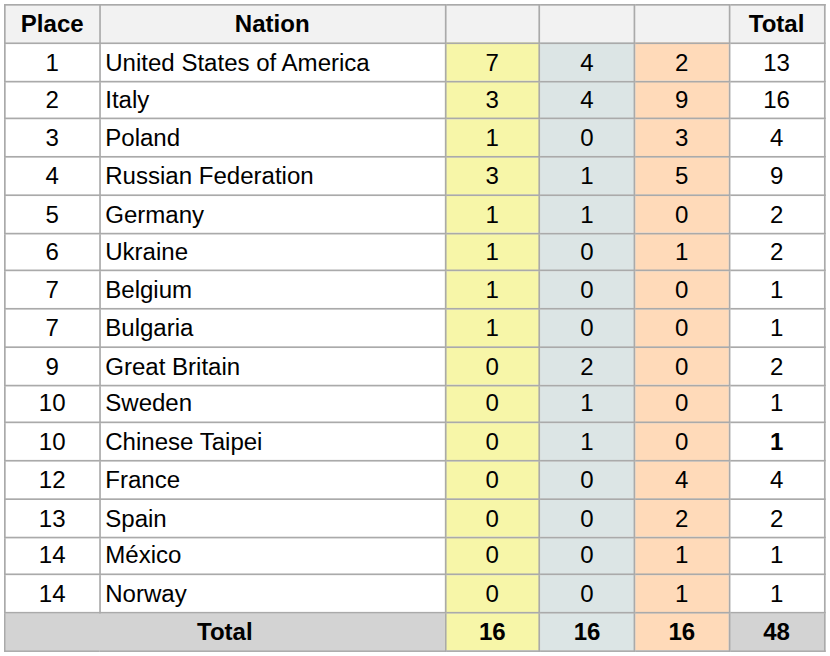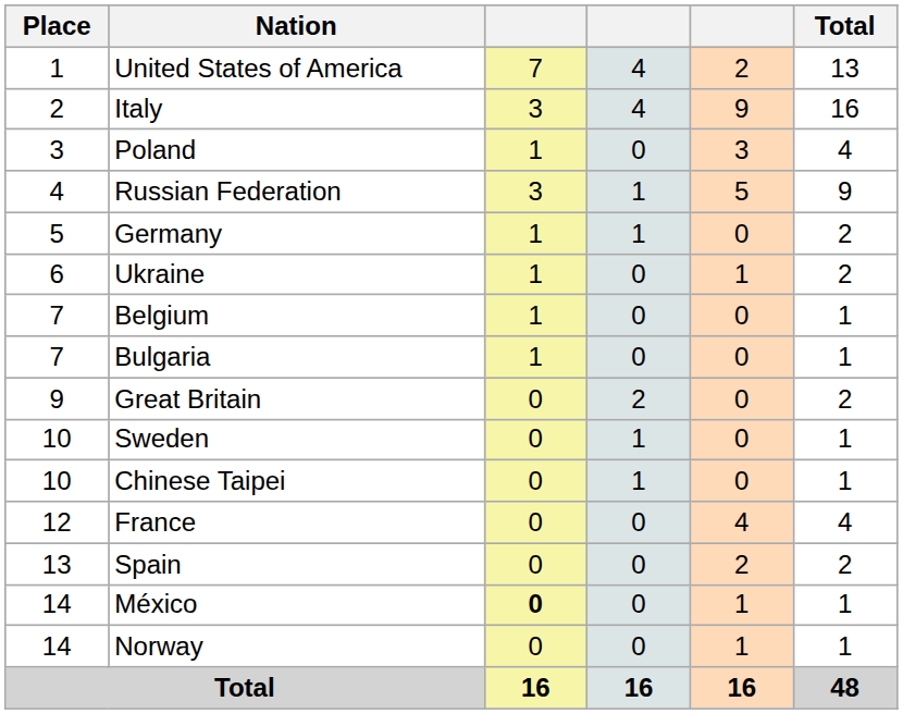 <table class=wikitable style="border:1px solid #AAAAAA;font-size:90%">
 <tr bgcolor="#EFEFEF">
 <th width=50>Place</th>
 <th width=200>Nation</th>
 <th width=50></th>
 <th width=50></th>
 <th width=50></th>
 <th width=50>Total</th>
 </tr>
 <tr align="center" valign="top" bgcolor="#FFFFFF">
 <td>1</td>
 <td align="left"> United States of America</td>
 <td style="background:#F7F6A8;">7</td>
 <td style="background:#DCE5E5;">4</td>
 <td style="background:#FFDAB9;">2</td>
 <td>13</td>
 </tr>
 <tr align="center" valign="top" bgcolor="#FFFFFF">
 <td>2</td>
 <td align="left"> Italy</td>
 <td style="background:#F7F6A8;">3</td>
 <td style="background:#DCE5E5;">4</td>
 <td style="background:#FFDAB9;">9</td>
 <td>16</td>
 </tr>
 <tr align="center" valign="top" bgcolor="#FFFFFF">
 <td>3</td>
 <td align="left"> Poland</td>
 <td style="background:#F7F6A8;">1</td>
 <td style="background:#DCE5E5;">0</td>
 <td style="background:#FFDAB9;">3</td>
 <td>4</td>
 </tr>
 <tr align="center" valign="top" bgcolor="#FFFFFF">
 <td>4</td>
 <td align="left"> Russian Federation</td>
 <td style="background:#F7F6A8;">3</td>
 <td style="background:#DCE5E5;">1</td>
 <td style="background:#FFDAB9;">5</td>
 <td>9</td>
 </tr>
 <tr align="center" valign="top" bgcolor="#FFFFFF">
 <td>5</td>
 <td align="left"> Germany</td>
 <td style="background:#F7F6A8;">1</td>
 <td style="background:#DCE5E5;">1</td>
 <td style="background:#FFDAB9;">0</td>
 <td>2</td>
 </tr>
 <tr align="center" valign="top" bgcolor="#FFFFFF">
 <td>6</td>
 <td align="left"> Ukraine</td>
 <td style="background:#F7F6A8;">1</td>
 <td style="background:#DCE5E5;">0</td>
 <td style="background:#FFDAB9;">1</td>
 <td>2</td>
 </tr>
 <tr align="center" valign="top" bgcolor="#FFFFFF">
 <td>7</td>
 <td align="left"> Belgium</td>
 <td style="background:#F7F6A8;">1</td>
 <td style="background:#DCE5E5;">0</td>
 <td style="background:#FFDAB9;">0</td>
 <td>1</td>
 </tr>
 <tr align="center" valign="top" bgcolor="#FFFFFF">
 <td>7</td>
 <td align="left"> Bulgaria</td>
 <td style="background:#F7F6A8;">1</td>
 <td style="background:#DCE5E5;">0</td>
 <td style="background:#FFDAB9;">0</td>
 <td>1</td>
 </tr>
 <tr align="center" valign="top" bgcolor="#FFFFFF">
 <td>9</td>
 <td align="left"> Great Britain</td>
 <td style="background:#F7F6A8;">0</td>
 <td style="background:#DCE5E5;">2</td>
 <td style="background:#FFDAB9;">0</td>
 <td>2</td>
 </tr>
 <tr align="center" valign="top" bgcolor="#FFFFFF">
 <td>10</td>
 <td align="left"> Sweden</td>
 <td style="background:#F7F6A8;">0</td>
 <td style="background:#DCE5E5;">1</td>
 <td style="background:#FFDAB9;">0</td>
 <td>1</td>
 </tr>
 <tr align="center" valign="top" bgcolor="#FFFFFF">
 <td>10</td>
 <td align="left"> Chinese Taipei</td>
 <td style="background:#F7F6A8;">0</td>
 <td style="background:#DCE5E5;">1</td>
 <td style="background:#FFDAB9;">0</td>
-<td><strong>1</strong></td>
+<td>1</td>
 </tr>
 <tr align="center" valign="top" bgcolor="#FFFFFF">
 <td>12</td>
 <td align="left"> France</td>
 <td style="background:#F7F6A8;">0</td>
 <td style="background:#DCE5E5;">0</td>
 <td style="background:#FFDAB9;">4</td>
 <td>4</td>
 </tr>
 <tr align="center" valign="top" bgcolor="#FFFFFF">
 <td>13</td>
 <td align="left"> Spain</td>
 <td style="background:#F7F6A8;">0</td>
 <td style="background:#DCE5E5;">0</td>
 <td style="background:#FFDAB9;">2</td>
 <td>2</td>
 </tr>
 <tr align="center" valign="top" bgcolor="#FFFFFF">
 <td>14</td>
 <td align="left"> México</td>
-<td style="background:#F7F6A8;">0</td>
+<td style="background:#F7F6A8;"><strong>0</strong></td>
 <td style="background:#DCE5E5;">0</td>
 <td style="background:#FFDAB9;">1</td>
 <td>1</td>
 </tr>
 <tr align="center" valign="top" bgcolor="#FFFFFF">
 <td>14</td>
 <td align="left"> Norway</td>
 <td style="background:#F7F6A8;">0</td>
 <td style="background:#DCE5E5;">0</td>
 <td style="background:#FFDAB9;">1</td>
 <td>1</td>
 </tr>
 <tr align="center">
 <td colspan="2" bgcolor=D3D3D3><strong>Total</strong></td>
 <td style="background:#F7F6A8;"><strong>16</strong></td>
 <td style="background:#DCE5E5;"><strong>16</strong></td>
 <td style="background:#FFDAB9;"><strong>16</strong></td>
 <td bgcolor=D3D3D3><strong>48</strong></td>
 </tr>
 </table>
